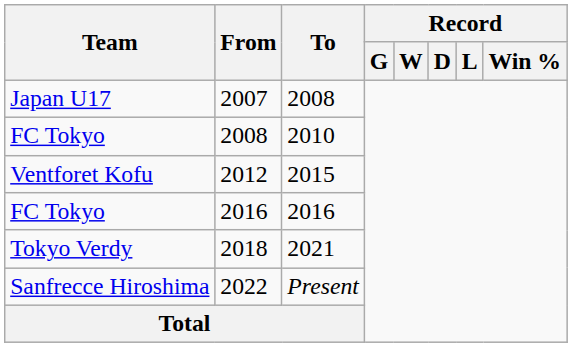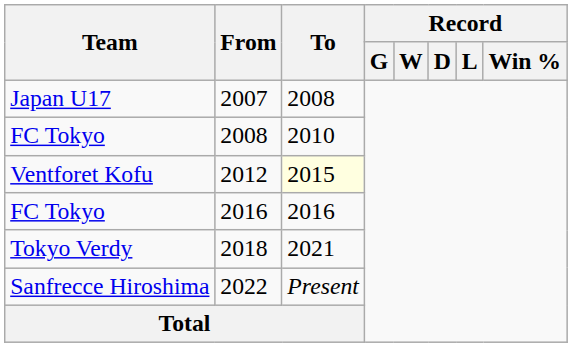 <table class="wikitable" style="text-align: center">
 <tr>
 <th rowspan="2">Team</th>
 <th rowspan="2">From</th>
 <th rowspan="2">To</th>
 <th colspan="5">Record</th>
 </tr>
 <tr>
 <th>G</th>
 <th>W</th>
 <th>D</th>
 <th>L</th>
 <th>Win %</th>
 </tr>
 <tr>
 <td align="left"><a href='#'>Japan U17</a></td>
 <td align="left">2007</td>
 <td align="left">2008<br></td>
 </tr>
 <tr>
 <td align="left"><a href='#'>FC Tokyo</a></td>
 <td align="left">2008</td>
 <td align="left">2010<br></td>
 </tr>
 <tr>
 <td align="left"><a href='#'>Ventforet Kofu</a></td>
 <td align="left">2012</td>
-<td align="left">2015<br></td>
+<td align="left" style="background: lightyellow;">2015<br></td>
 </tr>
 <tr>
 <td align="left"><a href='#'>FC Tokyo</a></td>
 <td align="left">2016</td>
 <td align="left">2016<br></td>
 </tr>
 <tr>
 <td align="left"><a href='#'>Tokyo Verdy</a></td>
 <td align="left">2018</td>
 <td align="left">2021<br></td>
 </tr>
 <tr>
 <td align="left"><a href='#'>Sanfrecce Hiroshima</a></td>
 <td align="left">2022</td>
 <td align="left"><em>Present</em><br></td>
 </tr>
 <tr>
 <th colspan="3">Total<br></th>
 </tr>
 </table>
